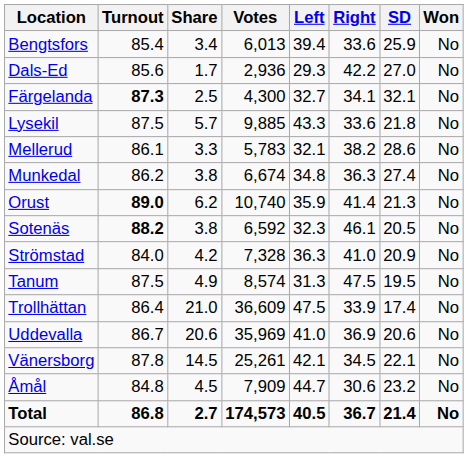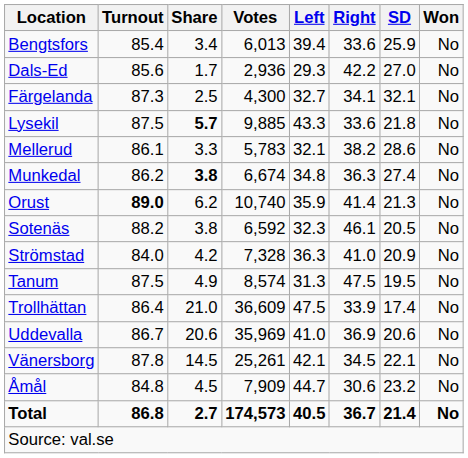 <table class="wikitable sortable" style=text-align:right>
 <tr>
 <th>Location</th>
 <th>Turnout</th>
 <th>Share</th>
 <th>Votes</th>
 <th><a href='#'>Left</a></th>
 <th><a href='#'>Right</a></th>
 <th><a href='#'>SD</a></th>
 <th>Won</th>
 </tr>
 <tr>
 <td align=left><a href='#'>Bengtsfors</a></td>
 <td>85.4</td>
 <td>3.4</td>
 <td>6,013</td>
 <td>39.4</td>
 <td>33.6</td>
 <td>25.9</td>
 <td>No</td>
 </tr>
 <tr>
 <td align=left><a href='#'>Dals-Ed</a></td>
 <td>85.6</td>
 <td>1.7</td>
 <td>2,936</td>
 <td>29.3</td>
 <td>42.2</td>
 <td>27.0</td>
 <td>No</td>
 </tr>
 <tr>
 <td align=left><a href='#'>Färgelanda</a></td>
-<td><strong>87.3</strong></td>
+<td>87.3</td>
 <td>2.5</td>
 <td>4,300</td>
 <td>32.7</td>
 <td>34.1</td>
 <td>32.1</td>
 <td>No</td>
 </tr>
 <tr>
 <td align=left><a href='#'>Lysekil</a></td>
 <td>87.5</td>
-<td>5.7</td>
+<td><strong>5.7</strong></td>
 <td>9,885</td>
 <td>43.3</td>
 <td>33.6</td>
 <td>21.8</td>
 <td>No</td>
 </tr>
 <tr>
 <td align=left><a href='#'>Mellerud</a></td>
 <td>86.1</td>
 <td>3.3</td>
 <td>5,783</td>
 <td>32.1</td>
 <td>38.2</td>
 <td>28.6</td>
 <td>No</td>
 </tr>
 <tr>
 <td align=left><a href='#'>Munkedal</a></td>
 <td>86.2</td>
-<td>3.8</td>
+<td><strong>3.8</strong></td>
 <td>6,674</td>
 <td>34.8</td>
 <td>36.3</td>
 <td>27.4</td>
 <td>No</td>
 </tr>
 <tr>
 <td align=left><a href='#'>Orust</a></td>
 <td><strong>89.0</strong></td>
 <td>6.2</td>
 <td>10,740</td>
 <td>35.9</td>
 <td>41.4</td>
 <td>21.3</td>
 <td>No</td>
 </tr>
 <tr>
 <td align=left><a href='#'>Sotenäs</a></td>
-<td><strong>88.2</strong></td>
+<td>88.2</td>
 <td>3.8</td>
 <td>6,592</td>
 <td>32.3</td>
 <td>46.1</td>
 <td>20.5</td>
 <td>No</td>
 </tr>
 <tr>
 <td align=left><a href='#'>Strömstad</a></td>
 <td>84.0</td>
 <td>4.2</td>
 <td>7,328</td>
 <td>36.3</td>
 <td>41.0</td>
 <td>20.9</td>
 <td>No</td>
 </tr>
 <tr>
 <td align=left><a href='#'>Tanum</a></td>
 <td>87.5</td>
 <td>4.9</td>
 <td>8,574</td>
 <td>31.3</td>
 <td>47.5</td>
 <td>19.5</td>
 <td>No</td>
 </tr>
 <tr>
 <td align=left><a href='#'>Trollhättan</a></td>
 <td>86.4</td>
 <td>21.0</td>
 <td>36,609</td>
 <td>47.5</td>
 <td>33.9</td>
 <td>17.4</td>
 <td>No</td>
 </tr>
 <tr>
 <td align=left><a href='#'>Uddevalla</a></td>
 <td>86.7</td>
 <td>20.6</td>
 <td>35,969</td>
 <td>41.0</td>
 <td>36.9</td>
 <td>20.6</td>
 <td>No</td>
 </tr>
 <tr>
 <td align=left><a href='#'>Vänersborg</a></td>
 <td>87.8</td>
 <td>14.5</td>
 <td>25,261</td>
 <td>42.1</td>
 <td>34.5</td>
 <td>22.1</td>
 <td>No</td>
 </tr>
 <tr>
 <td align=left><a href='#'>Åmål</a></td>
 <td>84.8</td>
 <td>4.5</td>
 <td>7,909</td>
 <td>44.7</td>
 <td>30.6</td>
 <td>23.2</td>
 <td>No</td>
 </tr>
 <tr>
 <td align=left><strong>Total</strong></td>
 <td><strong>86.8</strong></td>
 <td><strong>2.7</strong></td>
 <td><strong>174,573</strong></td>
 <td><strong>40.5</strong></td>
 <td><strong>36.7</strong></td>
 <td><strong>21.4</strong></td>
 <td><strong>No</strong></td>
 </tr>
 <tr>
 <td align=left colspan=8>Source: val.se</td>
 </tr>
 </table>
